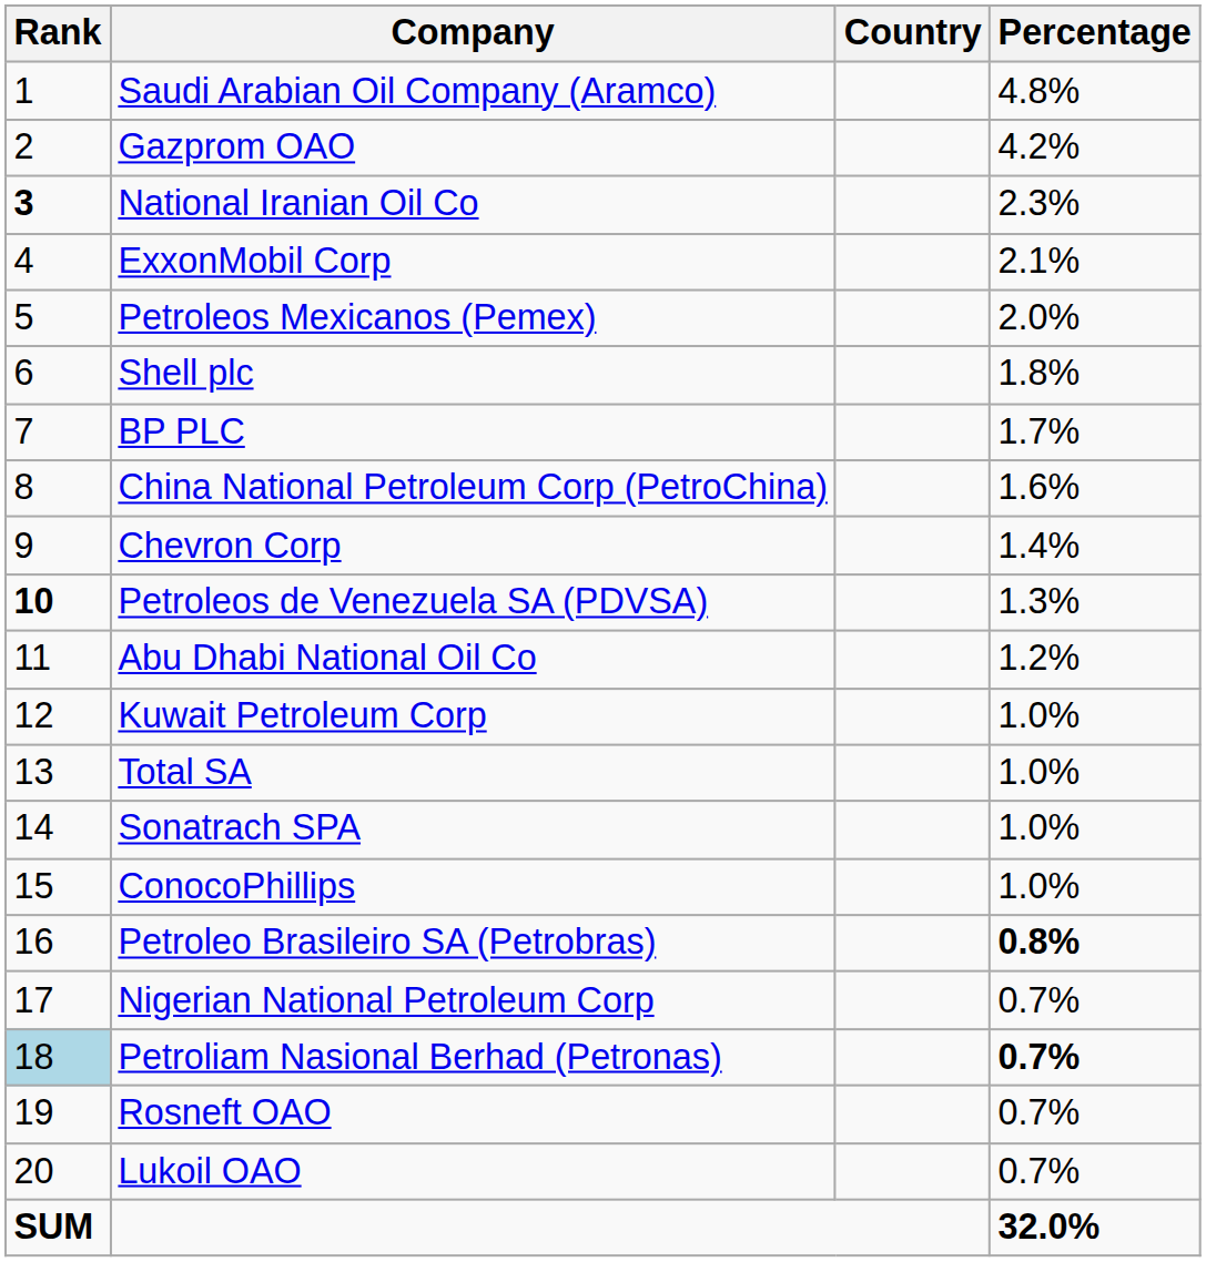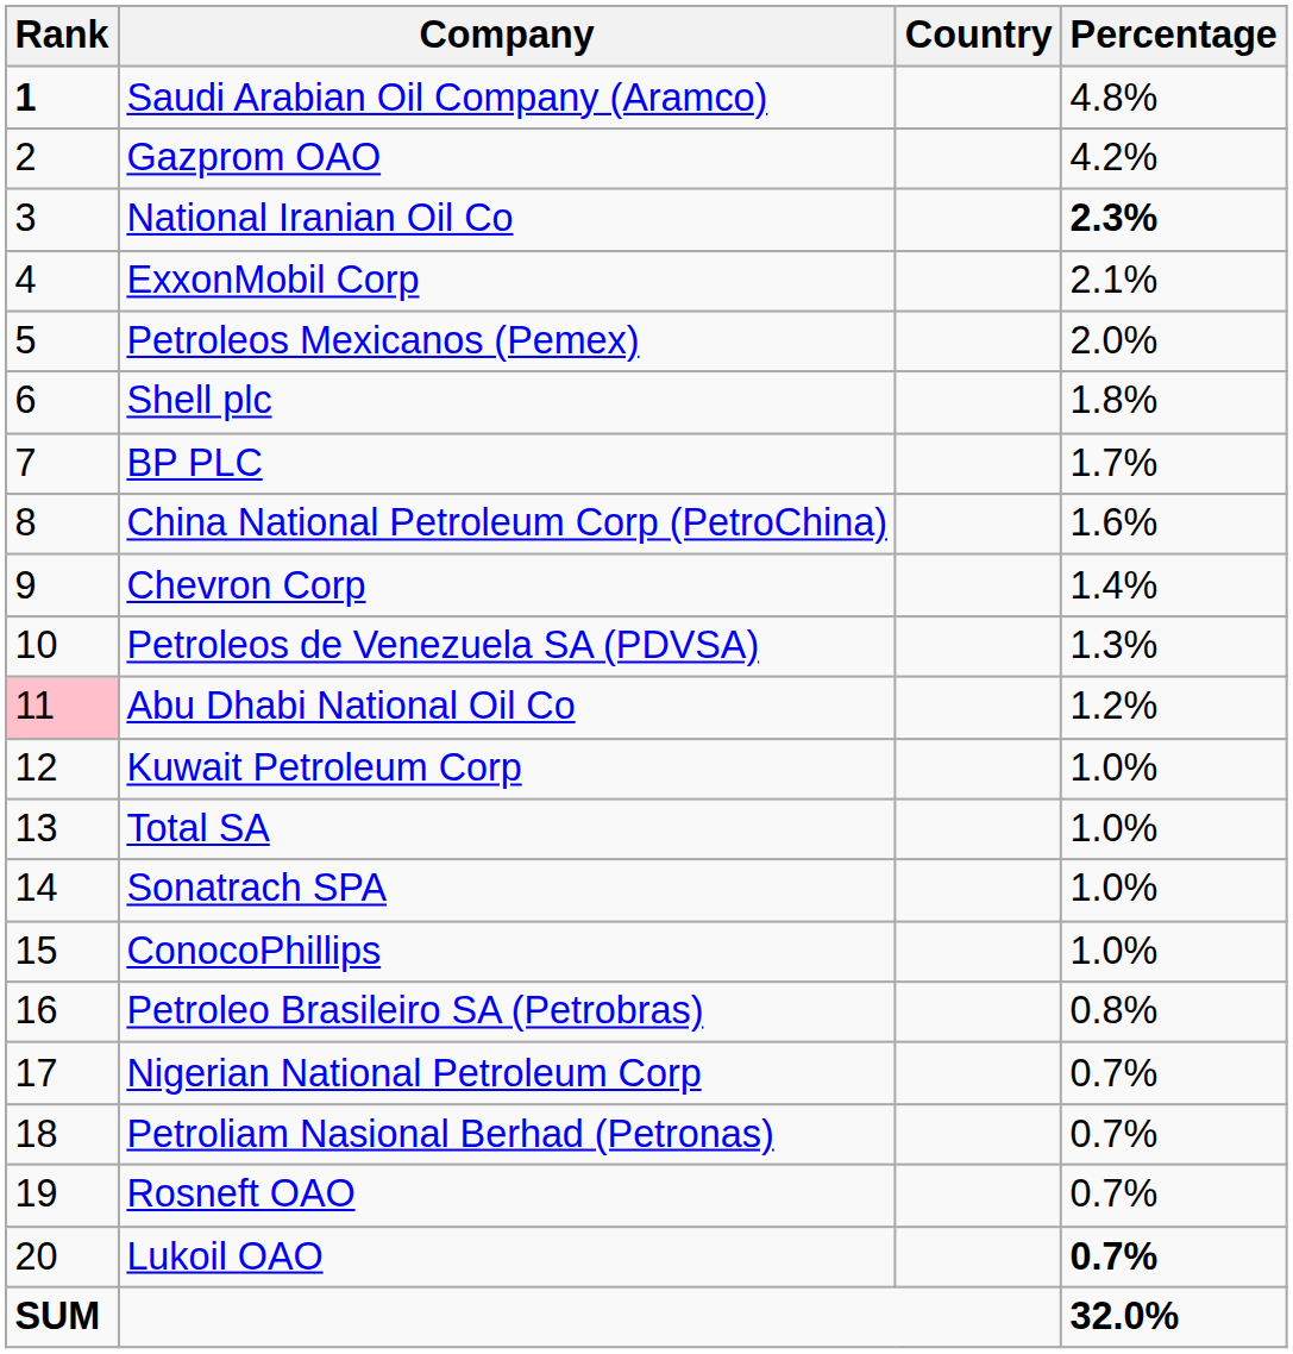 <table class="wikitable sortable">
 <tr>
 <th>Rank</th>
 <th>Company</th>
 <th>Country</th>
 <th>Percentage</th>
 </tr>
 <tr>
-<td>1</td>
+<td><strong>1</strong></td>
 <td><a href='#'>Saudi Arabian Oil Company (Aramco)</a></td>
 <td></td>
 <td>4.8%</td>
 </tr>
 <tr>
 <td>2</td>
 <td><a href='#'>Gazprom OAO</a></td>
 <td></td>
 <td>4.2%</td>
 </tr>
 <tr>
-<td><strong>3</strong></td>
+<td>3</td>
 <td><a href='#'>National Iranian Oil Co</a></td>
 <td></td>
-<td>2.3%</td>
+<td><strong>2.3%</strong></td>
 </tr>
 <tr>
 <td>4</td>
 <td><a href='#'>ExxonMobil Corp</a></td>
 <td></td>
 <td>2.1%</td>
 </tr>
 <tr>
 <td>5</td>
 <td><a href='#'>Petroleos Mexicanos (Pemex)</a></td>
 <td></td>
 <td>2.0%</td>
 </tr>
 <tr>
 <td>6</td>
 <td><a href='#'>Shell plc</a></td>
 <td></td>
 <td>1.8%</td>
 </tr>
 <tr>
 <td>7</td>
 <td><a href='#'>BP PLC</a></td>
 <td></td>
 <td>1.7%</td>
 </tr>
 <tr>
 <td>8</td>
 <td><a href='#'>China National Petroleum Corp (PetroChina)</a></td>
 <td></td>
 <td>1.6%</td>
 </tr>
 <tr>
 <td>9</td>
 <td><a href='#'>Chevron Corp</a></td>
 <td></td>
 <td>1.4%</td>
 </tr>
 <tr>
-<td><strong>10</strong></td>
+<td>10</td>
 <td><a href='#'>Petroleos de Venezuela SA (PDVSA)</a></td>
 <td></td>
 <td>1.3%</td>
 </tr>
 <tr>
-<td>11</td>
+<td style="background: pink;">11</td>
 <td><a href='#'>Abu Dhabi National Oil Co</a></td>
 <td></td>
 <td>1.2%</td>
 </tr>
 <tr>
 <td>12</td>
 <td><a href='#'>Kuwait Petroleum Corp</a></td>
 <td></td>
 <td>1.0%</td>
 </tr>
 <tr>
 <td>13</td>
 <td><a href='#'>Total SA</a></td>
 <td></td>
 <td>1.0%</td>
 </tr>
 <tr>
 <td>14</td>
 <td><a href='#'>Sonatrach SPA</a></td>
 <td></td>
 <td>1.0%</td>
 </tr>
 <tr>
 <td>15</td>
 <td><a href='#'>ConocoPhillips</a></td>
 <td></td>
 <td>1.0%</td>
 </tr>
 <tr>
 <td>16</td>
 <td><a href='#'>Petroleo Brasileiro SA (Petrobras)</a></td>
 <td></td>
-<td><strong>0.8%</strong></td>
+<td>0.8%</td>
 </tr>
 <tr>
 <td>17</td>
 <td><a href='#'>Nigerian National Petroleum Corp</a></td>
 <td></td>
 <td>0.7%</td>
 </tr>
 <tr>
-<td style="background: lightblue;">18</td>
+<td>18</td>
 <td><a href='#'>Petroliam Nasional Berhad (Petronas)</a></td>
 <td></td>
-<td><strong>0.7%</strong></td>
+<td>0.7%</td>
 </tr>
 <tr>
 <td>19</td>
 <td><a href='#'>Rosneft OAO</a></td>
 <td></td>
 <td>0.7%</td>
 </tr>
 <tr>
 <td>20</td>
 <td><a href='#'>Lukoil OAO</a></td>
 <td></td>
-<td>0.7%</td>
+<td><strong>0.7%</strong></td>
 </tr>
 <tr>
 <td><strong>SUM</strong></td>
 <td colspan="2"></td>
 <td><strong>32.0%</strong></td>
 </tr>
 </table>
